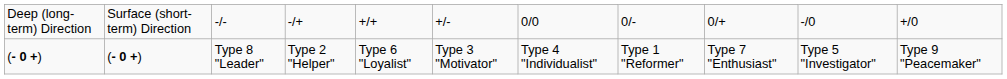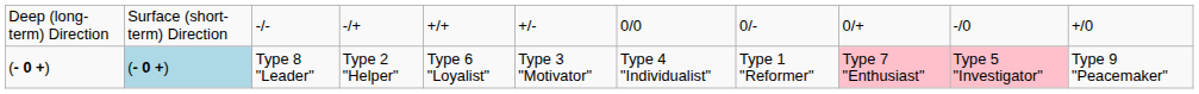 <table class="wikitable">
 <tr>
 <td>Deep (long-term) Direction</td>
 <td>Surface (short-term) Direction</td>
 <td>-/-</td>
 <td>-/+</td>
 <td>+/+</td>
 <td>+/-</td>
 <td>0/0</td>
 <td>0/-</td>
 <td>0/+</td>
 <td>-/0</td>
 <td>+/0</td>
 </tr>
 <tr>
 <td>(<strong>- 0 +</strong>)</td>
-<td>(<strong>- 0 +</strong>)</td>
+<td style="background: lightblue;">(<strong>- 0 +</strong>)</td>
 <td>Type 8 "Leader"</td>
 <td>Type 2 "Helper"</td>
 <td>Type 6 "Loyalist"</td>
 <td>Type 3 "Motivator"</td>
 <td>Type 4 "Individualist"</td>
 <td>Type 1 "Reformer"</td>
-<td>Type 7 "Enthusiast"</td>
-<td>Type 5 "Investigator"</td>
+<td style="background: pink;">Type 7 "Enthusiast"</td>
+<td style="background: pink;">Type 5 "Investigator"</td>
 <td>Type 9 "Peacemaker"</td>
 </tr>
 </table>
